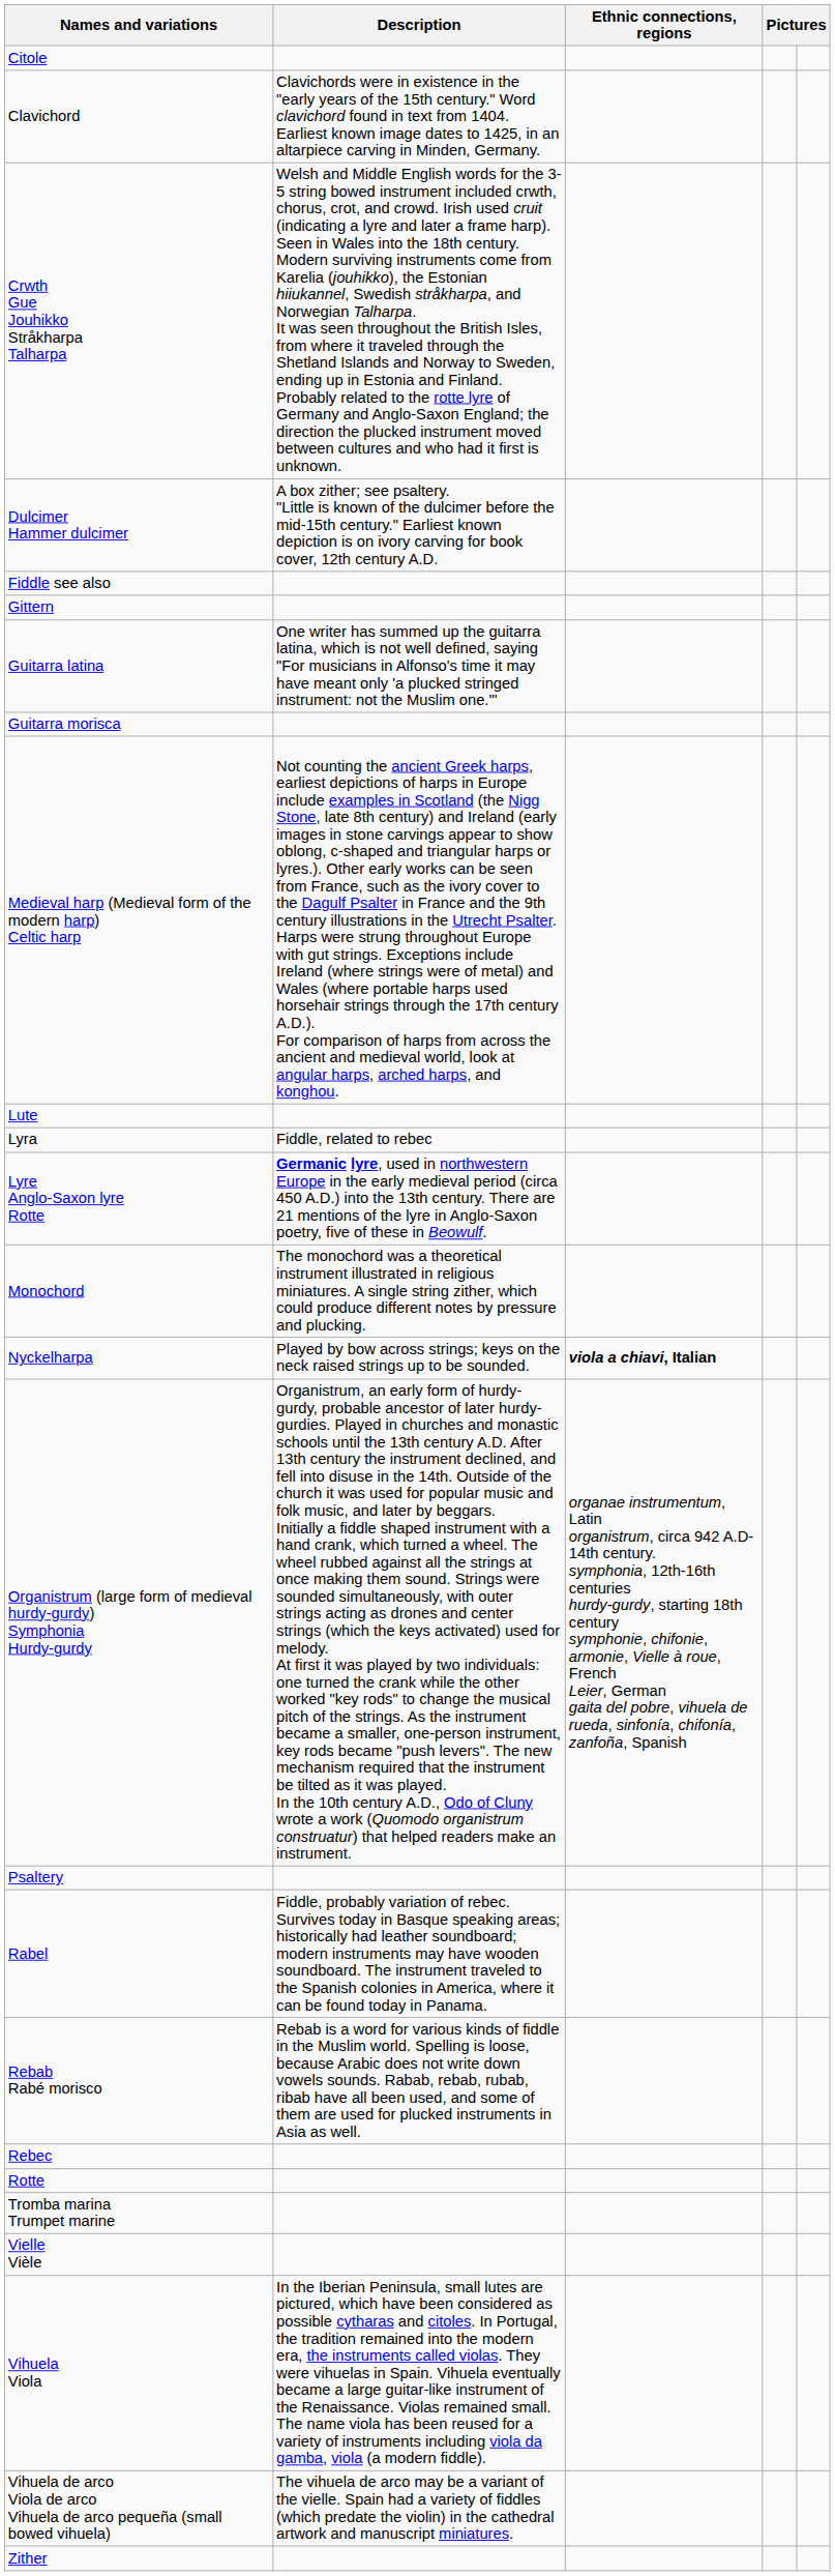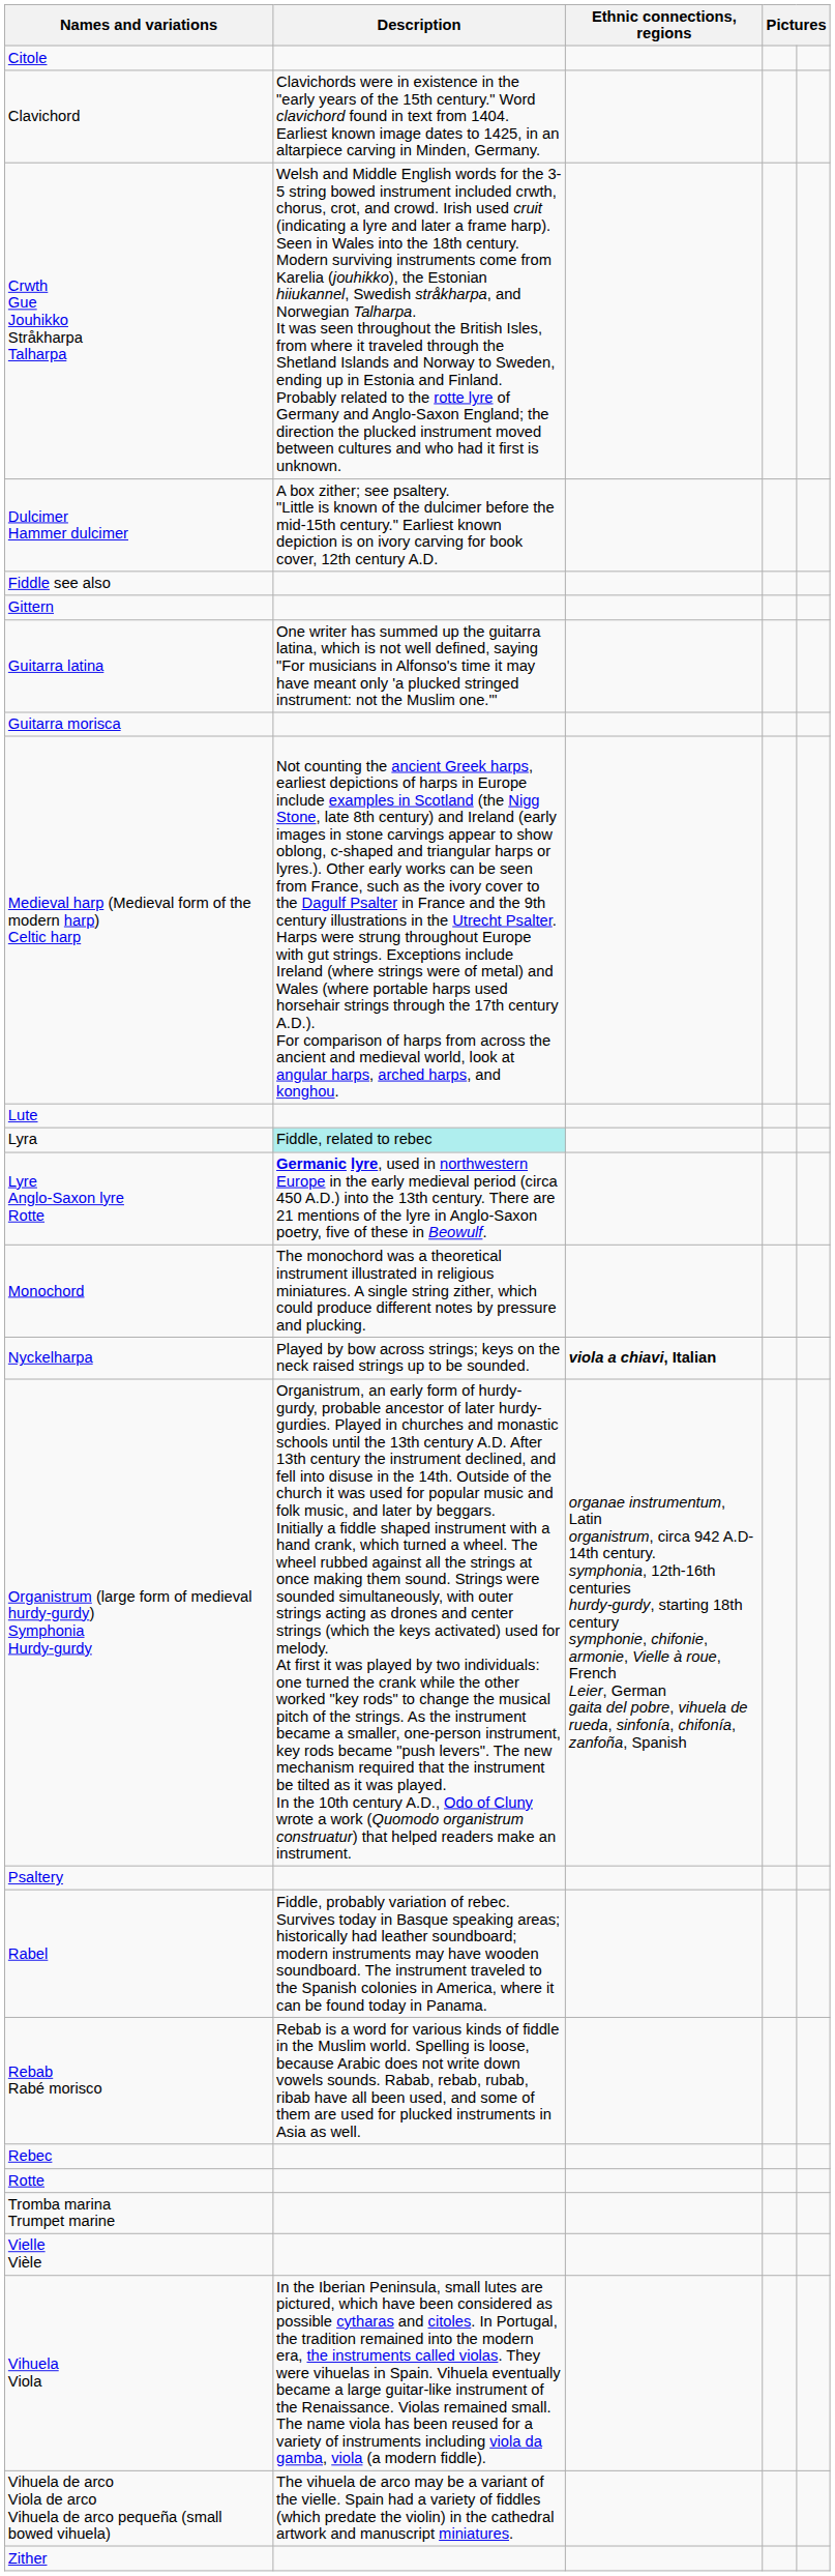 <table class="wikitable">
 <tr>
 <th>Names and variations</th>
 <th width=300>Description</th>
 <th width=200>Ethnic connections, regions</th>
 <th colspan=2>Pictures</th>
 </tr>
 <tr>
 <td><a href='#'>Citole</a></td>
 <td></td>
 <td></td>
 <td></td>
 <td></td>
 </tr>
 <tr>
 <td>Clavichord</td>
 <td>Clavichords were in existence in the "early years of the 15th century." Word <em>clavichord</em> found in text from 1404. Earliest known image dates to 1425, in an altarpiece carving in Minden, Germany.</td>
 <td></td>
 <td></td>
 <td></td>
 </tr>
 <tr>
 <td><a href='#'>Crwth</a><br><a href='#'>Gue</a><br><a href='#'>Jouhikko</a><br>Stråkharpa<br><a href='#'>Talharpa</a></td>
 <td>Welsh and Middle English words for the 3-5 string bowed instrument included crwth, chorus, crot, and crowd. Irish used <em>cruit</em> (indicating a lyre and later a frame harp). Seen in Wales into the 18th century. Modern surviving instruments come from Karelia (<em>jouhikko</em>), the Estonian <em>hiiukannel</em>, Swedish <em>stråkharpa</em>, and Norwegian <em>Talharpa</em>.<br>It was seen throughout the British Isles, from where it traveled through the Shetland Islands and Norway to Sweden, ending up in Estonia and Finland. Probably related to the <a href='#'>rotte lyre</a> of Germany and Anglo-Saxon England; the direction the plucked instrument moved between cultures and who had it first is unknown.</td>
 <td></td>
 <td></td>
 <td></td>
 </tr>
 <tr>
 <td><a href='#'>Dulcimer</a><br><a href='#'>Hammer dulcimer</a></td>
 <td>A box zither; see psaltery.<br>"Little is known of the dulcimer before the mid-15th century." Earliest known depiction is on ivory carving for book cover, 12th century A.D.</td>
 <td></td>
 <td></td>
 <td></td>
 </tr>
 <tr>
 <td><a href='#'>Fiddle</a> see also<br></td>
 <td></td>
 <td></td>
 <td></td>
 <td></td>
 </tr>
 <tr>
 <td><a href='#'>Gittern</a></td>
 <td></td>
 <td></td>
 <td></td>
 <td></td>
 </tr>
 <tr>
 <td><a href='#'>Guitarra latina</a></td>
 <td>One writer has summed up the guitarra latina, which is not well defined, saying "For musicians in Alfonso's time it may have meant only 'a plucked stringed instrument: not the Muslim one.'"</td>
 <td></td>
 <td></td>
 <td></td>
 </tr>
 <tr>
 <td><a href='#'>Guitarra morisca</a></td>
 <td></td>
 <td></td>
 <td><br></td>
 <td></td>
 </tr>
 <tr>
 <td><a href='#'>Medieval harp</a> (Medieval form of the modern <a href='#'>harp</a>)<br><a href='#'>Celtic harp</a></td>
 <td><br>Not counting the <a href='#'>ancient Greek harps</a>, earliest depictions of harps in Europe include <a href='#'>examples in Scotland</a> (the <a href='#'>Nigg Stone</a>, late 8th century) and Ireland (early images in stone carvings appear to show oblong, c-shaped and triangular harps or lyres.). Other early works can be seen from  France, such as the ivory cover to the <a href='#'>Dagulf Psalter</a> in France and the 9th century illustrations in the <a href='#'>Utrecht Psalter</a>.<br>Harps were strung throughout Europe with gut strings. Exceptions include Ireland (where strings were of metal) and Wales (where portable harps used horsehair strings through the 17th century A.D.).<br>For comparison of harps from across the ancient and medieval world, look at <a href='#'>angular harps</a>, <a href='#'>arched harps</a>, and <a href='#'>konghou</a>.</td>
 <td></td>
 <td></td>
 <td></td>
 </tr>
 <tr>
 <td><a href='#'>Lute</a></td>
 <td></td>
 <td></td>
 <td></td>
 <td></td>
 </tr>
 <tr>
 <td>Lyra<br></td>
-<td>Fiddle, related to rebec</td>
+<td style="background: paleturquoise;">Fiddle, related to rebec</td>
 <td></td>
 <td></td>
 <td></td>
 </tr>
 <tr>
 <td><a href='#'>Lyre</a><br><a href='#'>Anglo-Saxon lyre</a><br><a href='#'>Rotte</a></td>
 <td><strong><a href='#'>Germanic</a> <a href='#'>lyre</a></strong>, used in <a href='#'>northwestern Europe</a> in the early medieval period (circa 450 A.D.) into the 13th century. There are 21 mentions of the lyre in Anglo-Saxon poetry, five of these in <em><a href='#'>Beowulf</a></em>.</td>
 <td></td>
 <td></td>
 <td></td>
 </tr>
 <tr>
 <td><a href='#'>Monochord</a></td>
 <td>The monochord was a theoretical instrument illustrated in religious miniatures. A single string zither, which could produce different notes by pressure and plucking.</td>
 <td></td>
 <td></td>
 <td></td>
 </tr>
 <tr>
 <td><a href='#'>Nyckelharpa</a></td>
 <td>Played by bow across strings; keys on the neck raised strings up to be sounded.</td>
 <td><strong><em>viola a chiavi</em>, Italian</strong></td>
 <td></td>
 <td></td>
 </tr>
 <tr>
 <td><a href='#'>Organistrum</a> (large form of medieval <a href='#'>hurdy-gurdy</a>)<br><a href='#'>Symphonia</a><br><a href='#'>Hurdy-gurdy</a></td>
 <td>Organistrum, an early form of hurdy-gurdy, probable ancestor of later hurdy-gurdies. Played in churches and monastic schools until the 13th century A.D. After 13th century the instrument declined, and fell into disuse in the 14th. Outside of the church it was used for popular music and folk music, and later by beggars.<br>Initially a fiddle shaped instrument with a hand crank, which turned a wheel. The wheel rubbed against all the strings at once making them sound. Strings were sounded simultaneously, with outer strings acting as drones and center strings (which the keys activated) used for melody.<br>At first it was played by two individuals: one turned the crank while the other worked "key rods" to change the musical pitch of the strings. As the instrument became a smaller, one-person instrument, key rods became "push levers". The new mechanism required that the instrument be tilted as it was played.<br>In the 10th century A.D., <a href='#'>Odo of Cluny</a> wrote a work (<em>Quomodo organistrum construatur</em>) that helped readers make an instrument.</td>
 <td><em>organae instrumentum</em>, Latin<br><em>organistrum</em>, circa 942 A.D-14th century.<br><em>symphonia</em>, 12th-16th centuries<br><em>hurdy-gurdy</em>, starting 18th century<br><em>symphonie</em>, <em>chifonie</em>, <em>armonie</em>, <em>Vielle à roue</em>, French<br><em>Leier</em>, German<br><em>gaita del pobre</em>, <em>vihuela de rueda</em>, <em>sinfonía</em>, <em>chifonía</em>, <em>zanfoña</em>, Spanish</td>
 <td></td>
 <td><br></td>
 </tr>
 <tr>
 <td><a href='#'>Psaltery</a></td>
 <td></td>
 <td></td>
 <td></td>
 <td><br></td>
 </tr>
 <tr>
 <td><a href='#'>Rabel</a></td>
 <td>Fiddle, probably variation of rebec. Survives today in Basque speaking areas; historically had leather soundboard; modern instruments may have wooden soundboard. The instrument traveled to the Spanish colonies in America, where it can be found today in Panama.</td>
 <td></td>
 <td><br></td>
 <td></td>
 </tr>
 <tr>
 <td><a href='#'>Rebab</a><br>Rabé morisco</td>
 <td>Rebab is a word for various kinds of fiddle in the Muslim world. Spelling is loose, because Arabic does not write down vowels sounds. Rabab, rebab, rubab, ribab have all been used, and some of them are used for plucked instruments in Asia as well.</td>
 <td></td>
 <td><br></td>
 <td><br></td>
 </tr>
 <tr>
 <td><a href='#'>Rebec</a></td>
 <td></td>
 <td></td>
 <td></td>
 <td></td>
 </tr>
 <tr>
 <td><a href='#'>Rotte</a></td>
 <td></td>
 <td></td>
 <td></td>
 <td></td>
 </tr>
 <tr>
 <td>Tromba marina<br>Trumpet marine</td>
 <td></td>
 <td></td>
 <td></td>
 <td></td>
 </tr>
 <tr>
 <td><a href='#'>Vielle</a><br>Vièle</td>
 <td></td>
 <td></td>
 <td></td>
 <td></td>
 </tr>
 <tr>
 <td><a href='#'>Vihuela</a><br>Viola</td>
 <td>In the Iberian Peninsula, small lutes are pictured, which have been considered as possible <a href='#'>cytharas</a> and <a href='#'>citoles</a>. In Portugal, the tradition remained into the modern era, <a href='#'>the instruments called violas</a>. They were vihuelas in Spain. Vihuela eventually became a large guitar-like instrument of the Renaissance. Violas remained small. The name viola has been reused for a variety of instruments including <a href='#'>viola da gamba</a>, <a href='#'>viola</a> (a modern fiddle).</td>
 <td></td>
 <td></td>
 <td></td>
 </tr>
 <tr>
 <td>Vihuela de arco<br>Viola de arco<br>Vihuela de arco pequeña (small bowed vihuela)</td>
 <td>The vihuela de arco may be a variant of the vielle. Spain had a variety of fiddles (which predate the violin) in the cathedral artwork and manuscript <a href='#'>miniatures</a>.</td>
 <td></td>
 <td></td>
 <td><br></td>
 </tr>
 <tr>
 <td><a href='#'>Zither</a></td>
 <td></td>
 <td></td>
 <td></td>
 <td></td>
 </tr>
 </table>
